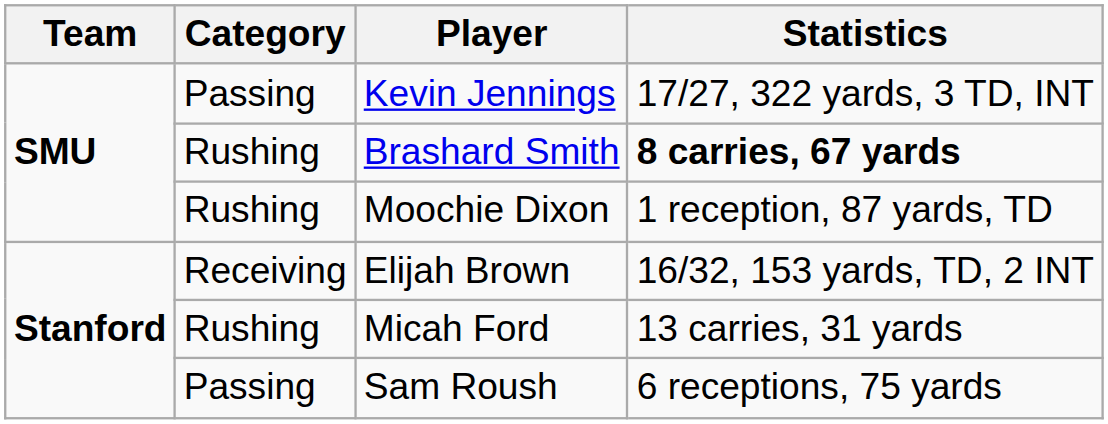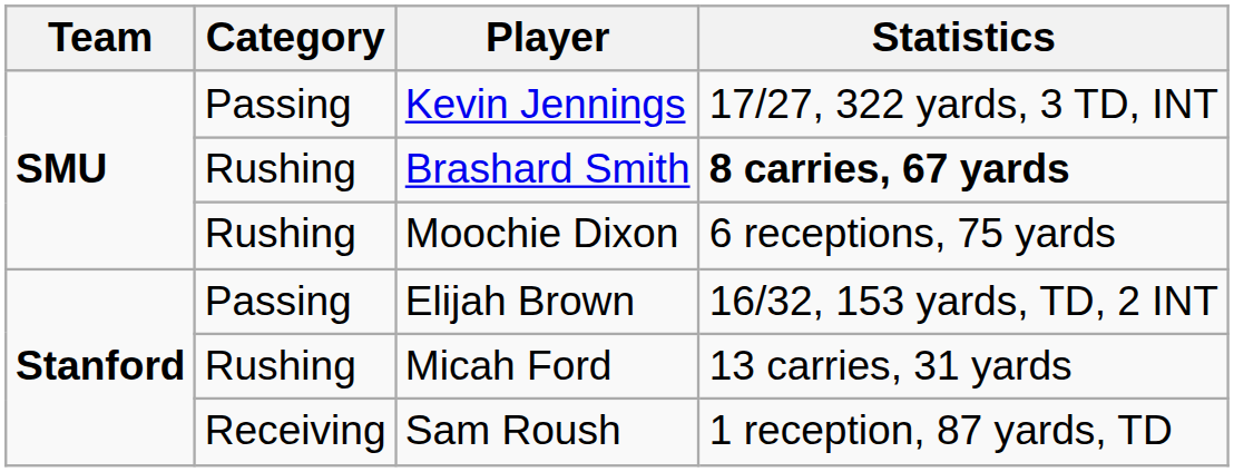 <table class="wikitable" style="float: right;">
 <tr>
 <th>Team</th>
 <th>Category</th>
 <th>Player</th>
 <th>Statistics</th>
 </tr>
 <tr>
 <td rowspan=3><strong>SMU</strong></td>
 <td>Passing</td>
 <td><a href='#'>Kevin Jennings</a></td>
 <td>17/27, 322 yards, 3 TD, INT</td>
 </tr>
 <tr>
 <td>Rushing</td>
 <td><a href='#'>Brashard Smith</a></td>
 <td><strong>8 carries, 67 yards</strong></td>
 </tr>
 <tr>
 <td>Rushing</td>
 <td>Moochie Dixon</td>
-<td>1 reception, 87 yards, TD</td>
+<td>6 receptions, 75 yards</td>
 </tr>
 <tr>
 <td rowspan=3><strong>Stanford</strong></td>
-<td>Receiving</td>
+<td>Passing</td>
 <td>Elijah Brown</td>
 <td>16/32, 153 yards, TD, 2 INT</td>
 </tr>
 <tr>
 <td>Rushing</td>
 <td>Micah Ford</td>
 <td>13 carries, 31 yards</td>
 </tr>
 <tr>
-<td>Passing</td>
+<td>Receiving</td>
 <td>Sam Roush</td>
-<td>6 receptions, 75 yards</td>
+<td>1 reception, 87 yards, TD</td>
 </tr>
 </table>
